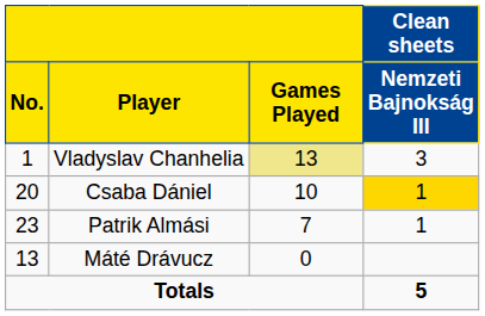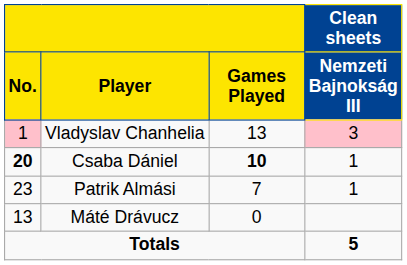 <table class="wikitable sortable alternance" style="text-align:center">
 <tr>
 <th colspan="3" style="background:#FDE500;border:1px solid #004292"></th>
 <th colspan="4" style="background:#004292;color:white;border:1px solid #FDE500">Clean sheets</th>
 </tr>
 <tr>
 <th style="background-color:#FDE500;color:black;border:1px solid #004292">No.</th>
 <th style="background-color:#FDE500;color:black;border:1px solid #004292">Player</th>
 <th width=80 style="background-color:#FDE500;color:black;border:1px solid #004292">Games Played</th>
 <th width=80 style="background-color:#004292;color:white;border:1px solid #FDE500">Nemzeti Bajnokság III</th>
 </tr>
 <tr>
-<td>1</td>
+<td style="background: pink;">1</td>
 <td> Vladyslav Chanhelia</td>
-<td style="background: khaki;">13</td>
-<td>3</td>
+<td>13</td>
+<td style="background: pink;">3</td>
 </tr>
 <tr>
-<td>20</td>
+<td><strong>20</strong></td>
 <td> Csaba Dániel</td>
-<td>10</td>
-<td style="background: gold;">1</td>
+<td><strong>10</strong></td>
+<td>1</td>
 </tr>
 <tr>
 <td>23</td>
 <td> Patrik Almási</td>
 <td>7</td>
 <td>1</td>
 </tr>
 <tr>
 <td>13</td>
 <td> Máté Drávucz</td>
 <td>0</td>
 <td></td>
 </tr>
 <tr class="sortbottom">
 <td colspan="3"><strong>Totals</strong></td>
 <td><strong>5</strong></td>
 </tr>
 </table>
